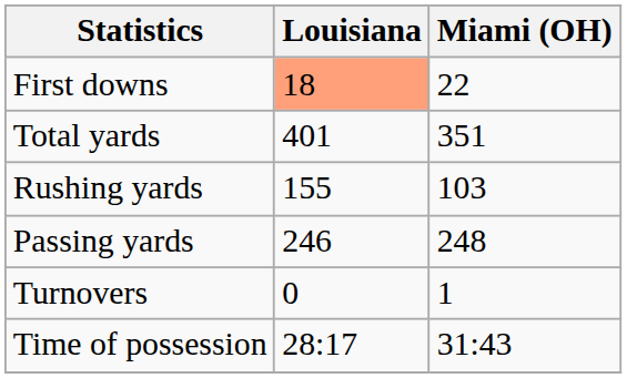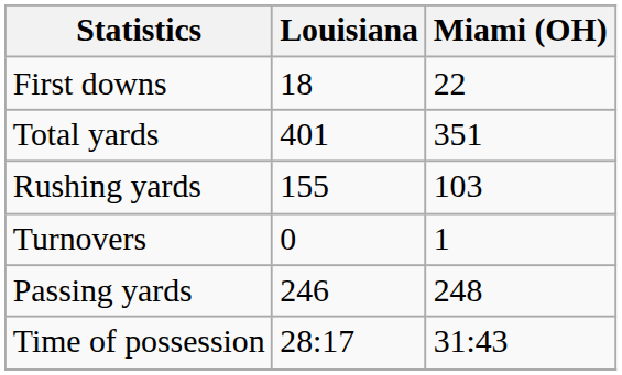 <table class="wikitable">
 <tr>
 <th>Statistics</th>
 <th>Louisiana</th>
 <th>Miami (OH)</th>
 </tr>
 <tr>
 <td>First downs</td>
-<td style="background: lightsalmon;">18</td>
+<td>18</td>
 <td>22</td>
 </tr>
 <tr>
 <td>Total yards</td>
 <td>401</td>
 <td>351</td>
 </tr>
 <tr>
 <td>Rushing yards</td>
 <td>155</td>
 <td>103</td>
 </tr>
 <tr>
+<td>Turnovers</td>
+<td>0</td>
+<td>1</td>
+</tr>
+<tr>
 <td>Passing yards</td>
 <td>246</td>
 <td>248</td>
-</tr>
-<tr>
-<td>Turnovers</td>
-<td>0</td>
-<td>1</td>
 </tr>
 <tr>
 <td>Time of possession</td>
 <td>28:17</td>
 <td>31:43</td>
 </tr>
 <tr>
 </tr>
 </table>
